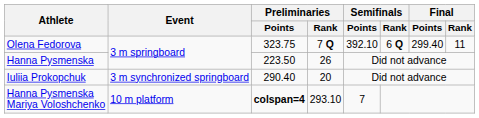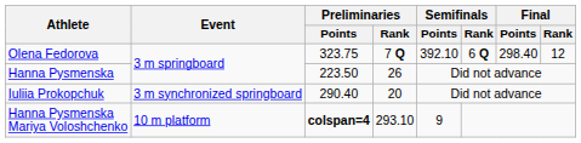 <table class="wikitable" style="font-size:90%">
 <tr>
 <th rowspan="2">Athlete</th>
 <th rowspan="2">Event</th>
 <th colspan=2>Preliminaries</th>
 <th colspan=2>Semifinals</th>
 <th colspan=2>Final</th>
 </tr>
 <tr style="font-size:95%">
 <th>Points</th>
 <th>Rank</th>
 <th>Points</th>
 <th>Rank</th>
 <th>Points</th>
 <th>Rank</th>
 </tr>
 <tr align=center>
 <td align=left><a href='#'>Olena Fedorova</a></td>
 <td align=left rowspan=2><a href='#'>3 m springboard</a></td>
 <td>323.75</td>
 <td>7 <strong>Q</strong></td>
 <td>392.10</td>
 <td>6 <strong>Q</strong></td>
-<td>299.40</td>
-<td>11</td>
+<td>298.40</td>
+<td>12</td>
 </tr>
 <tr align=center>
 <td align=left><a href='#'>Hanna Pysmenska</a></td>
 <td>223.50</td>
 <td>26</td>
 <td colspan=4>Did not advance</td>
 </tr>
 <tr align=center>
 <td align=left><a href='#'>Iuliia Prokopchuk</a></td>
 <td align=left><a href='#'>3 m synchronized springboard</a></td>
 <td>290.40</td>
 <td>20</td>
 <td colspan=4>Did not advance</td>
 </tr>
 <tr align=center>
 <td align=left><a href='#'>Hanna Pysmenska</a><br><a href='#'>Mariya Voloshchenko</a></td>
 <td align=left><a href='#'>10 m platform</a></td>
 <td><strong>colspan=4 </strong></td>
 <td>293.10</td>
-<td>7</td>
+<td>9</td>
 </tr>
 </table>
